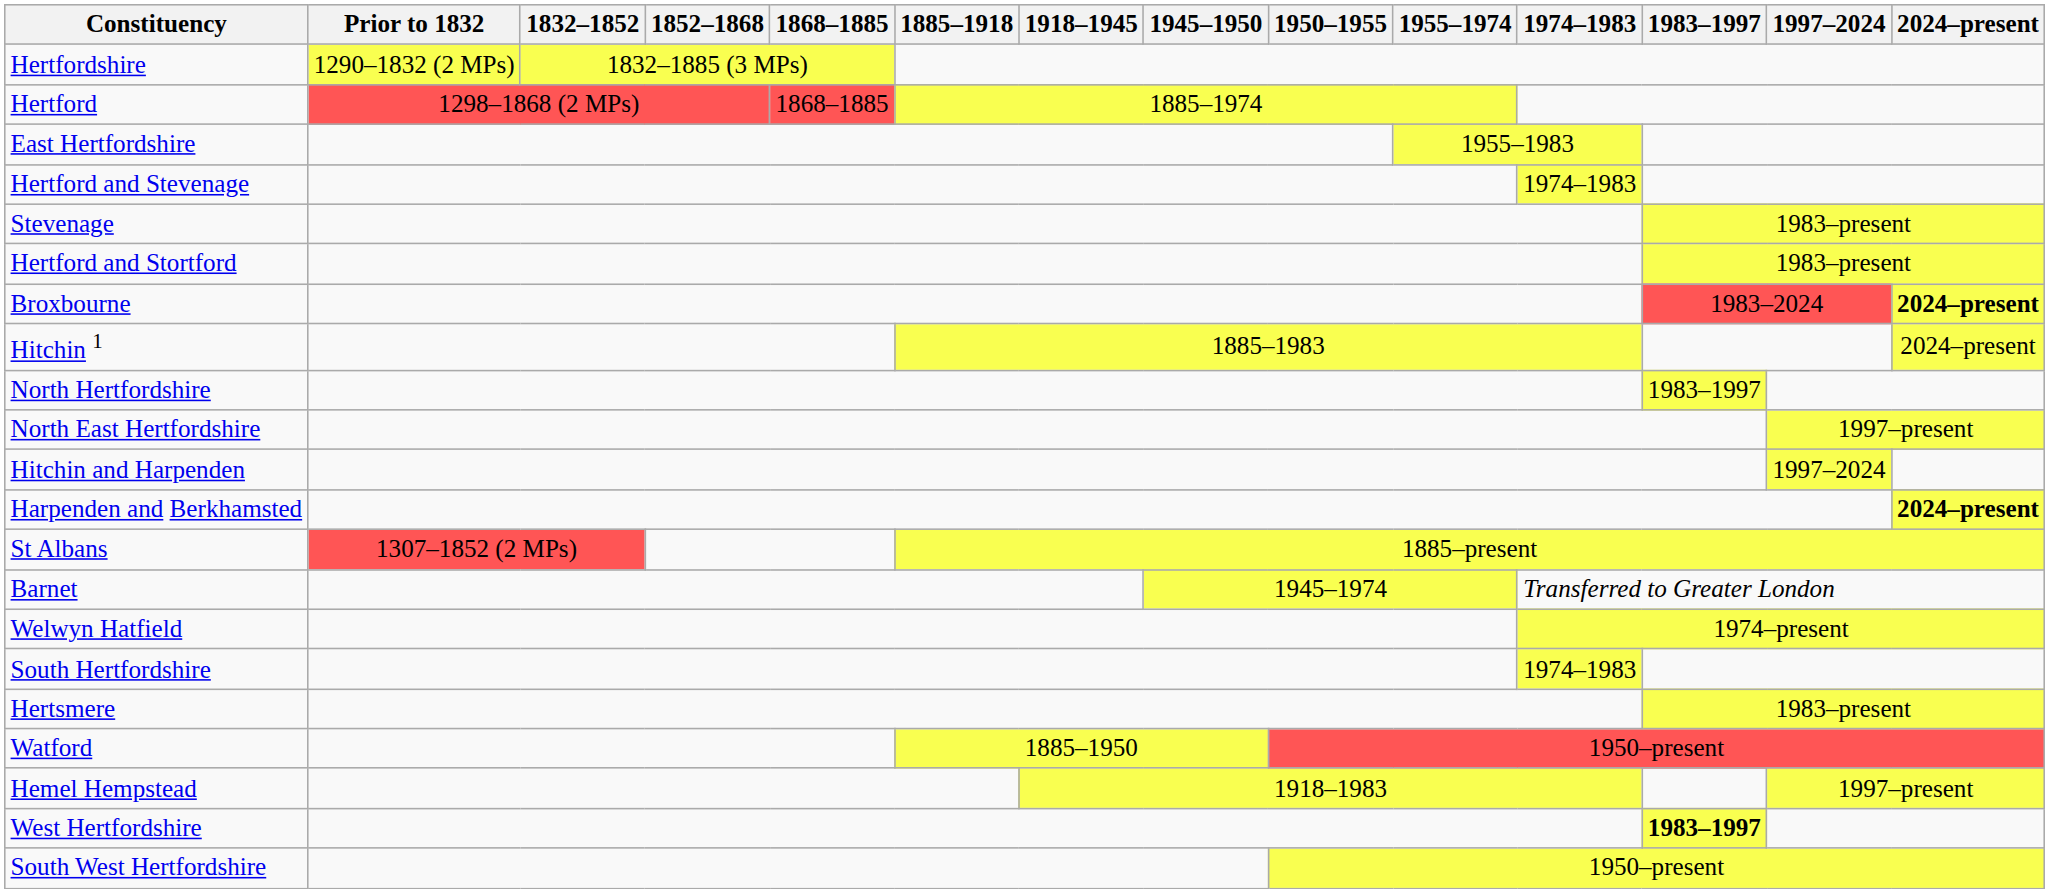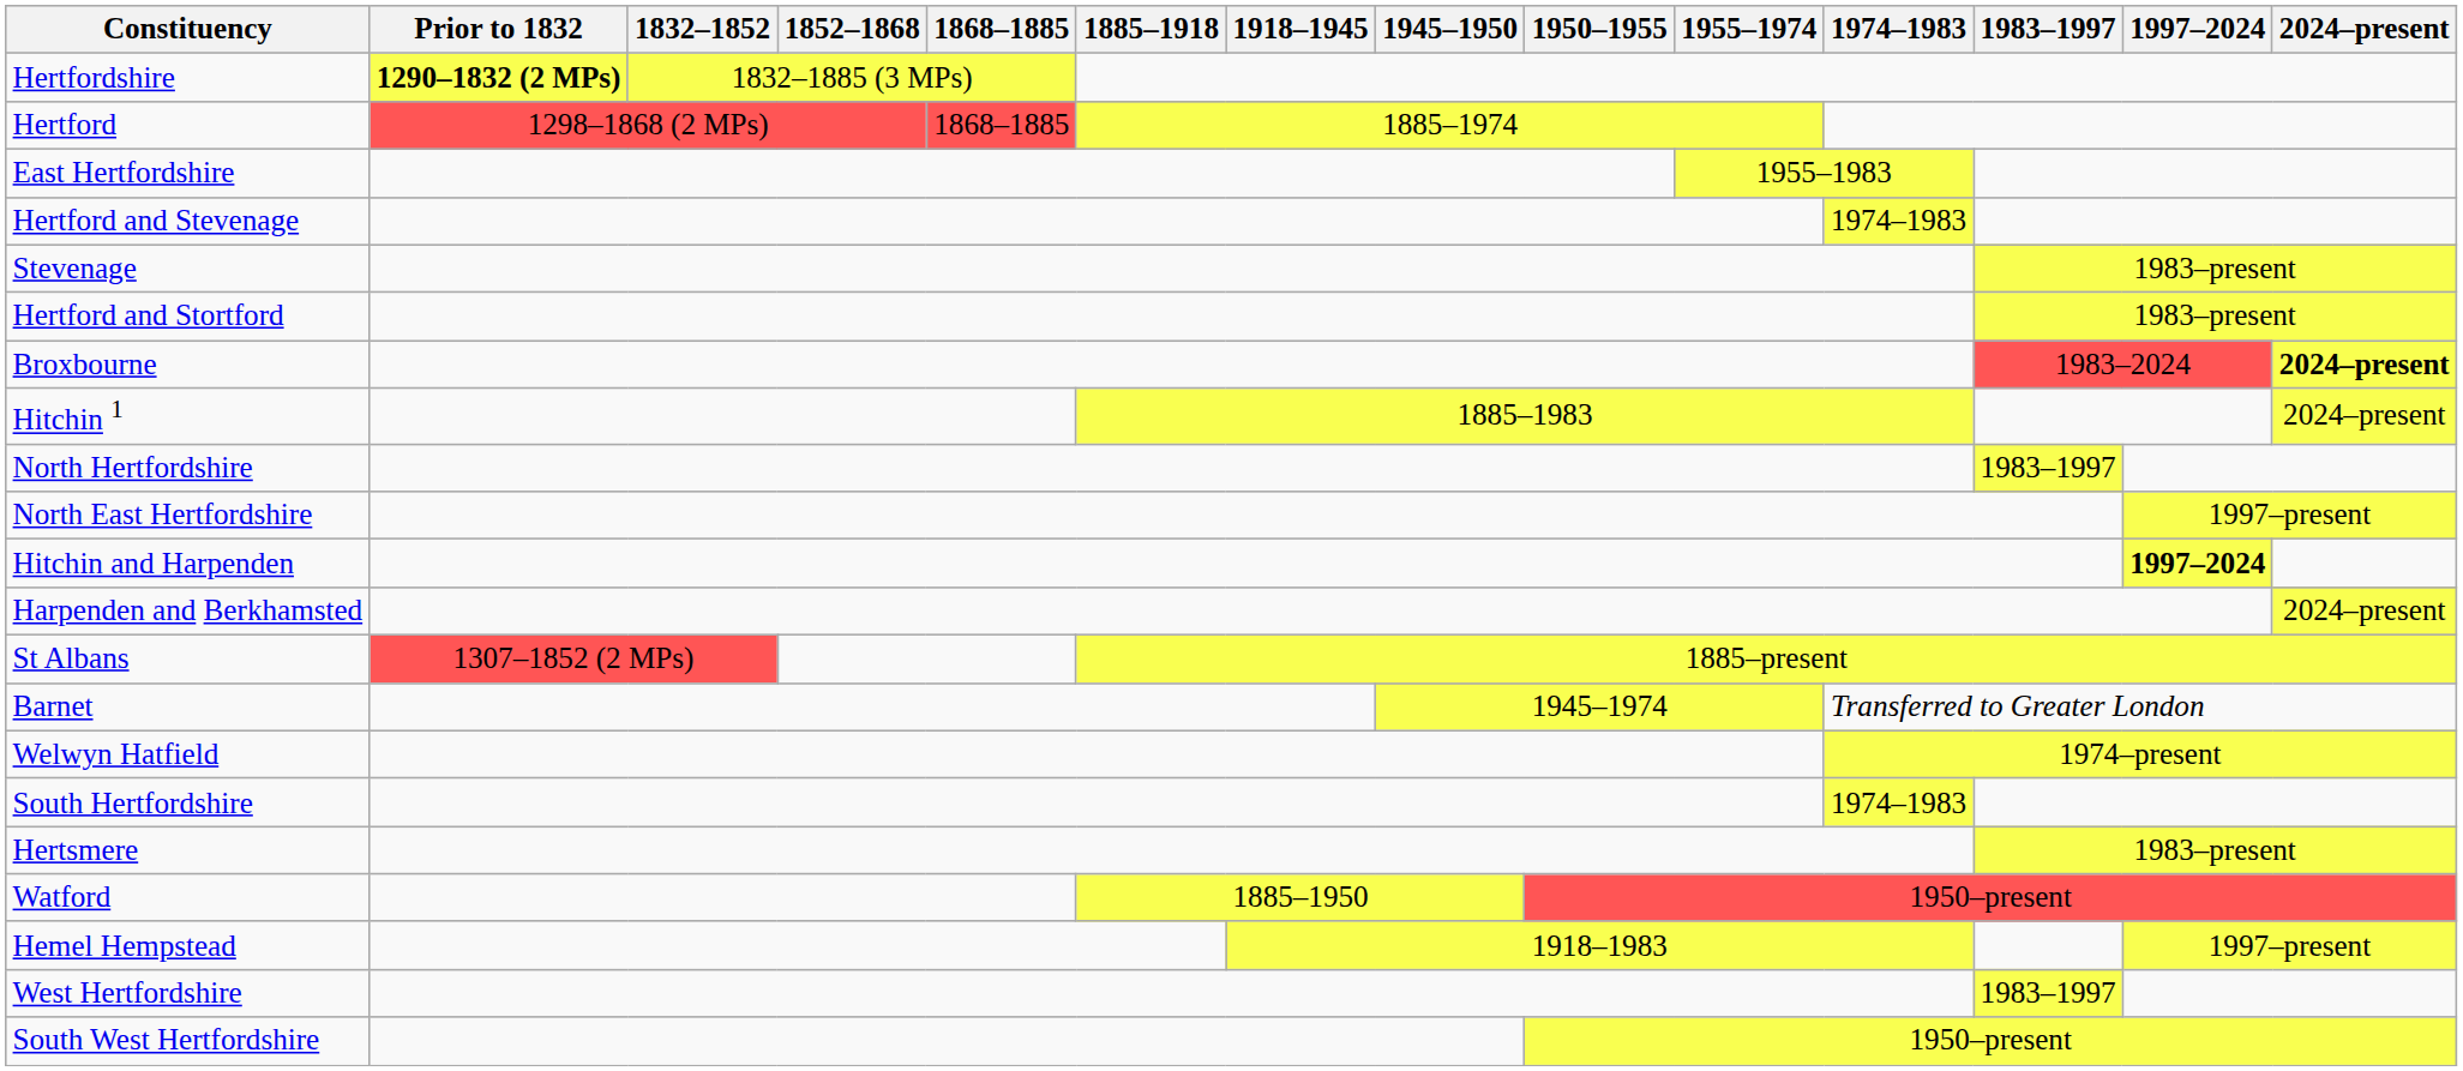 <table class="wikitable">
 <tr>
 <th>Constituency</th>
 <th>Prior to 1832</th>
 <th>1832–1852</th>
 <th>1852–1868</th>
 <th>1868–1885</th>
 <th>1885–1918</th>
 <th>1918–1945</th>
 <th>1945–1950</th>
 <th>1950–1955</th>
 <th>1955–1974</th>
 <th>1974–1983</th>
 <th>1983–1997</th>
 <th>1997–2024</th>
 <th>2024–present</th>
 </tr>
 <tr>
 <td><a href='#'>Hertfordshire</a></td>
-<td align="center" bgcolor="#f9ff50">1290–1832 (2 MPs)</td>
+<td align="center" bgcolor="#f9ff50"><strong>1290–1832 (2 MPs)</strong></td>
 <td align="center" bgcolor="#f9ff50" colspan="3">1832–1885 (3 MPs)</td>
 <td colspan="9"></td>
 </tr>
 <tr>
 <td><a href='#'>Hertford</a></td>
 <td align="center" bgcolor="#ff5555" colspan="3">1298–1868 (2 MPs)</td>
 <td align="center" bgcolor="#ff5555">1868–1885</td>
 <td align="center" bgcolor="#f9ff50" colspan="5">1885–1974</td>
 <td colspan="4"></td>
 </tr>
 <tr>
 <td><a href='#'>East Hertfordshire</a></td>
 <td colspan="8"></td>
 <td align="center" bgcolor="#f9ff50" colspan="2">1955–1983</td>
 <td colspan="3"></td>
 </tr>
 <tr>
 <td><a href='#'>Hertford and Stevenage</a></td>
 <td colspan="9"></td>
 <td align="center" bgcolor="#f9ff50">1974–1983</td>
 <td colspan="3"></td>
 </tr>
 <tr>
 <td><a href='#'>Stevenage</a></td>
 <td colspan="10"></td>
 <td align="center" bgcolor="#f9ff50" colspan="3">1983–present</td>
 </tr>
 <tr>
 <td><a href='#'>Hertford and Stortford</a></td>
 <td colspan="10"></td>
 <td align="center" bgcolor="#f9ff50" colspan="3">1983–present</td>
 </tr>
 <tr>
 <td><a href='#'>Broxbourne</a></td>
 <td colspan="10"></td>
 <td align="center" bgcolor="#ff5555" colspan="2">1983–2024</td>
 <td align="center" bgcolor="#f9ff50"><strong>2024–present</strong></td>
 </tr>
 <tr>
 <td><a href='#'>Hitchin</a> <sup>1</sup></td>
 <td colspan="4"></td>
 <td align="center" bgcolor="#f9ff50" colspan="6">1885–1983</td>
 <td colspan="2"></td>
 <td align="center" bgcolor="#f9ff50">2024–present</td>
 </tr>
 <tr>
 <td><a href='#'>North Hertfordshire</a></td>
 <td colspan="10"></td>
 <td align="center" bgcolor="#f9ff50">1983–1997</td>
 <td colspan="2"></td>
 </tr>
 <tr>
 <td><a href='#'>North East Hertfordshire</a></td>
 <td colspan="11"></td>
 <td colspan="2" align="center" bgcolor="#f9ff50">1997–present</td>
 </tr>
 <tr>
 <td><a href='#'>Hitchin and Harpenden</a></td>
 <td colspan="11"></td>
-<td align="center" bgcolor="#f9ff50">1997–2024</td>
+<td align="center" bgcolor="#f9ff50"><strong>1997–2024</strong></td>
 <td></td>
 </tr>
 <tr>
 <td><a href='#'>Harpenden and</a> <a href='#'>Berkhamsted</a></td>
 <td colspan="12"></td>
-<td align="center" bgcolor="#f9ff50"><strong>2024–present</strong></td>
+<td align="center" bgcolor="#f9ff50">2024–present</td>
 </tr>
 <tr>
 <td><a href='#'>St Albans</a></td>
 <td align="center" bgcolor="#ff5555" colspan="2">1307–1852 (2 MPs)</td>
 <td colspan="2"></td>
 <td align="center" bgcolor="#f9ff50" colspan="9">1885–present</td>
 </tr>
 <tr>
 <td><a href='#'>Barnet</a></td>
 <td colspan="6"></td>
 <td align="center" bgcolor="#f9ff50" colspan="3">1945–1974</td>
 <td colspan="4"><em>Transferred to Greater London</em></td>
 </tr>
 <tr>
 <td><a href='#'>Welwyn Hatfield</a></td>
 <td colspan="9"></td>
 <td align="center" bgcolor="#f9ff50" colspan="4">1974–present</td>
 </tr>
 <tr>
 <td><a href='#'>South Hertfordshire</a></td>
 <td colspan="9"></td>
 <td align="center" bgcolor="#f9ff50">1974–1983</td>
 <td colspan="3"></td>
 </tr>
 <tr>
 <td><a href='#'>Hertsmere</a></td>
 <td colspan="10"></td>
 <td align="center" bgcolor="#f9ff50" colspan="3">1983–present</td>
 </tr>
 <tr>
 <td><a href='#'>Watford</a></td>
 <td colspan="4"></td>
 <td align="center" bgcolor="#f9ff50" colspan="3">1885–1950</td>
 <td align="center" bgcolor="#ff5555" colspan="6">1950–present</td>
 </tr>
 <tr>
 <td><a href='#'>Hemel Hempstead</a></td>
 <td colspan="5"></td>
 <td align="center" bgcolor="#f9ff50" colspan="5">1918–1983</td>
 <td></td>
 <td align="center" bgcolor="#f9ff50" colspan="2">1997–present</td>
 </tr>
 <tr>
 <td><a href='#'>West Hertfordshire</a></td>
 <td colspan="10"></td>
-<td align="center" bgcolor="#f9ff50"><strong>1983–1997</strong></td>
+<td align="center" bgcolor="#f9ff50">1983–1997</td>
 <td colspan="2"></td>
 </tr>
 <tr>
 <td><a href='#'>South West Hertfordshire</a></td>
 <td colspan="7"></td>
 <td align="center" bgcolor="#f9ff50" colspan="6">1950–present</td>
 </tr>
 </table>
